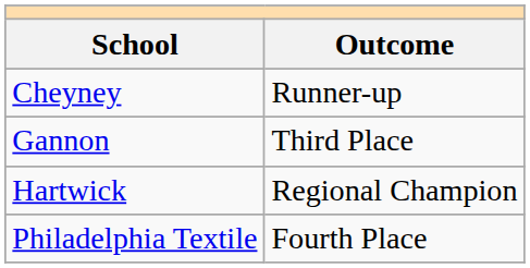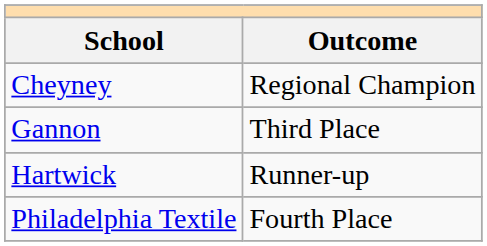 <table class="wikitable" style="float:left; margin-right:1em;">
 <tr>
 <th colspan="3" style="background:#ffdead;"></th>
 </tr>
 <tr>
 <th>School</th>
 <th>Outcome</th>
 </tr>
 <tr>
 <td><a href='#'>Cheyney</a></td>
-<td>Runner-up</td>
+<td>Regional Champion</td>
 </tr>
 <tr>
 <td><a href='#'>Gannon</a></td>
 <td>Third Place</td>
 </tr>
 <tr>
 <td><a href='#'>Hartwick</a></td>
-<td>Regional Champion</td>
+<td>Runner-up</td>
 </tr>
 <tr>
 <td><a href='#'>Philadelphia Textile</a></td>
 <td>Fourth Place</td>
 </tr>
 </table>
